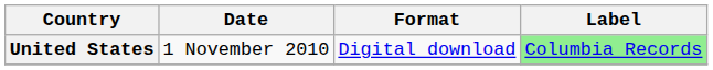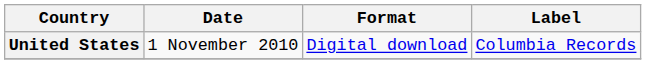 <table class="wikitable plainrowheaders">
 <tr>
 <th scope="col">Country</th>
 <th scope="col">Date</th>
 <th scope="col">Format</th>
 <th scope="col">Label</th>
 </tr>
 <tr>
 <th scope="row">United States</th>
 <td>1 November 2010</td>
 <td><a href='#'>Digital download</a></td>
-<td style="background: lightgreen;"><a href='#'>Columbia Records</a></td>
+<td><a href='#'>Columbia Records</a></td>
 </tr>
 <tr>
 </tr>
 </table>
